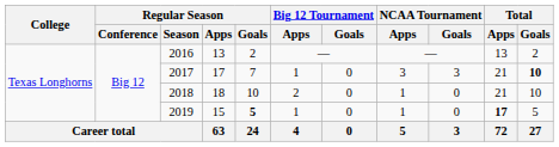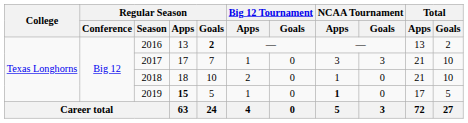 <table class="wikitable" style="text-align: center;">
 <tr>
 <th rowspan="2">College</th>
 <th colspan="4">Regular Season</th>
 <th colspan="2"><a href='#'>Big 12 Tournament</a></th>
 <th colspan="2">NCAA Tournament</th>
 <th colspan="2">Total</th>
 </tr>
 <tr>
 <th>Conference</th>
 <th>Season</th>
 <th>Apps</th>
 <th>Goals</th>
 <th>Apps</th>
 <th>Goals</th>
 <th>Apps</th>
 <th>Goals</th>
 <th>Apps</th>
 <th>Goals</th>
 </tr>
 <tr>
 <td rowspan="4"><a href='#'>Texas Longhorns</a></td>
 <td rowspan="4"><a href='#'>Big 12</a></td>
 <td>2016</td>
 <td>13</td>
-<td>2</td>
+<td><strong>2</strong></td>
 <td colspan="2">—</td>
 <td colspan="2">—</td>
 <td>13</td>
 <td>2</td>
 </tr>
 <tr>
 <td>2017</td>
 <td>17</td>
 <td>7</td>
 <td>1</td>
 <td>0</td>
 <td>3</td>
 <td>3</td>
 <td>21</td>
-<td><strong>10</strong></td>
+<td>10</td>
 </tr>
 <tr>
 <td>2018</td>
 <td>18</td>
 <td>10</td>
 <td>2</td>
 <td>0</td>
 <td>1</td>
 <td>0</td>
 <td>21</td>
 <td>10</td>
 </tr>
 <tr>
 <td>2019</td>
-<td>15</td>
-<td><strong>5</strong></td>
+<td><strong>15</strong></td>
+<td>5</td>
 <td>1</td>
 <td>0</td>
-<td>1</td>
+<td><strong>1</strong></td>
 <td>0</td>
-<td><strong>17</strong></td>
+<td>17</td>
 <td>5</td>
 </tr>
 <tr>
 <th colspan="3">Career total</th>
 <th>63</th>
 <th>24</th>
 <th>4</th>
 <th>0</th>
 <th>5</th>
 <th>3</th>
 <th>72</th>
 <th>27</th>
 </tr>
 </table>
